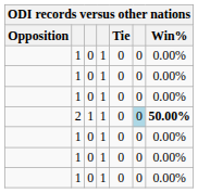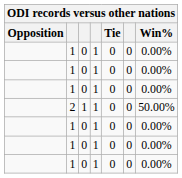 <table class="wikitable plainrowheaders sortable" style="text-align:center; font-size:100%; ">
 <tr class="unsortable">
 <th scope="col" colspan=8>ODI records versus other nations</th>
 </tr>
 <tr align="center">
 <th scope="col">Opposition</th>
 <th scope="col"></th>
 <th scope="col"></th>
 <th scope="col"></th>
 <th scope="col">Tie</th>
 <th scope="col"></th>
 <th scope="col">Win%</th>
 </tr>
 <tr align="center">
 <td style="text-align:left;"></td>
 <td>1</td>
 <td>0</td>
 <td>1</td>
 <td>0</td>
 <td>0</td>
 <td>0.00%</td>
 </tr>
 <tr>
 <td style="text-align:left;"></td>
 <td>1</td>
 <td>0</td>
 <td>1</td>
 <td>0</td>
 <td>0</td>
 <td>0.00%</td>
 </tr>
 <tr>
 <td style="text-align:left;"></td>
 <td>1</td>
 <td>0</td>
 <td>1</td>
 <td>0</td>
 <td>0</td>
 <td>0.00%</td>
 </tr>
 <tr>
 <td style="text-align:left;"></td>
 <td>2</td>
 <td>1</td>
 <td>1</td>
 <td>0</td>
-<td style="background: lightblue;">0</td>
-<td><strong>50.00%</strong></td>
+<td>0</td>
+<td>50.00%</td>
 </tr>
 <tr>
 <td style="text-align:left;"></td>
 <td>1</td>
 <td>0</td>
 <td>1</td>
 <td>0</td>
 <td>0</td>
 <td>0.00%</td>
 </tr>
 <tr>
 <td style="text-align:left;"></td>
 <td>1</td>
 <td>0</td>
 <td>1</td>
 <td>0</td>
 <td>0</td>
 <td>0.00%</td>
 </tr>
 <tr>
 <td style="text-align:left;"></td>
 <td>1</td>
 <td>0</td>
 <td>1</td>
 <td>0</td>
 <td>0</td>
 <td>0.00%</td>
 </tr>
 </table>
